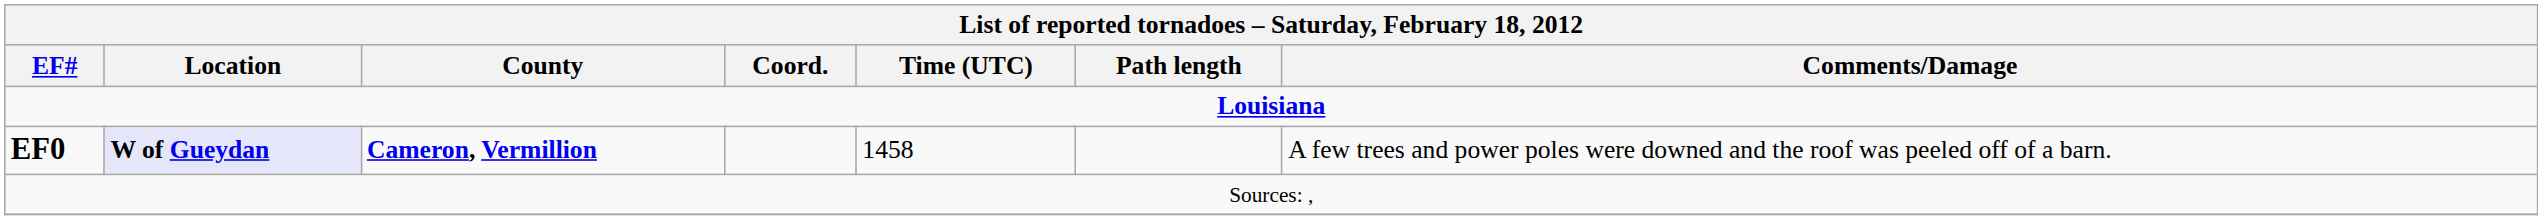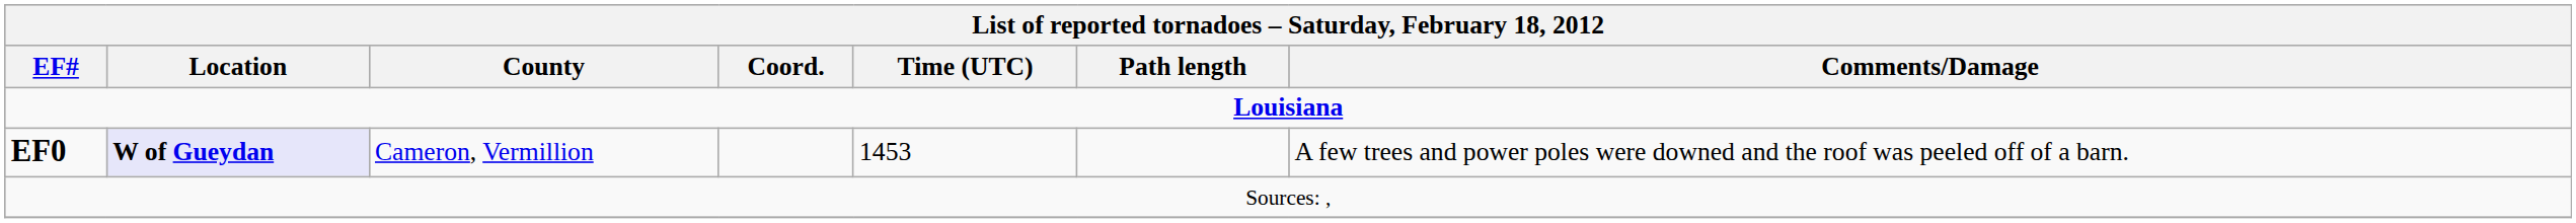 <table class="wikitable collapsible" style="width:100%;">
 <tr>
 <th colspan="7">List of reported tornadoes – Saturday, February 18, 2012</th>
 </tr>
 <tr>
 <th><a href='#'>EF#</a></th>
 <th>Location</th>
 <th>County</th>
 <th>Coord.</th>
 <th>Time (UTC)</th>
 <th>Path length</th>
 <th>Comments/Damage</th>
 </tr>
 <tr>
 <td colspan="7" style="text-align:center;"><strong><a href='#'>Louisiana</a></strong></td>
 </tr>
 <tr>
 <td><big><strong>EF0</strong></big></td>
 <td style="background: lavender;"><strong>W of <a href='#'>Gueydan</a></strong></td>
-<td><strong><a href='#'>Cameron</a>, <a href='#'>Vermillion</a></strong></td>
+<td><a href='#'>Cameron</a>, <a href='#'>Vermillion</a></td>
 <td></td>
-<td>1458</td>
+<td>1453</td>
 <td></td>
 <td>A few trees and power poles were downed and the roof was peeled off of a barn.</td>
 </tr>
 <tr>
 <td colspan="7" style="text-align:center;"><small>Sources: , </small></td>
 </tr>
 <tr>
 </tr>
 </table>
